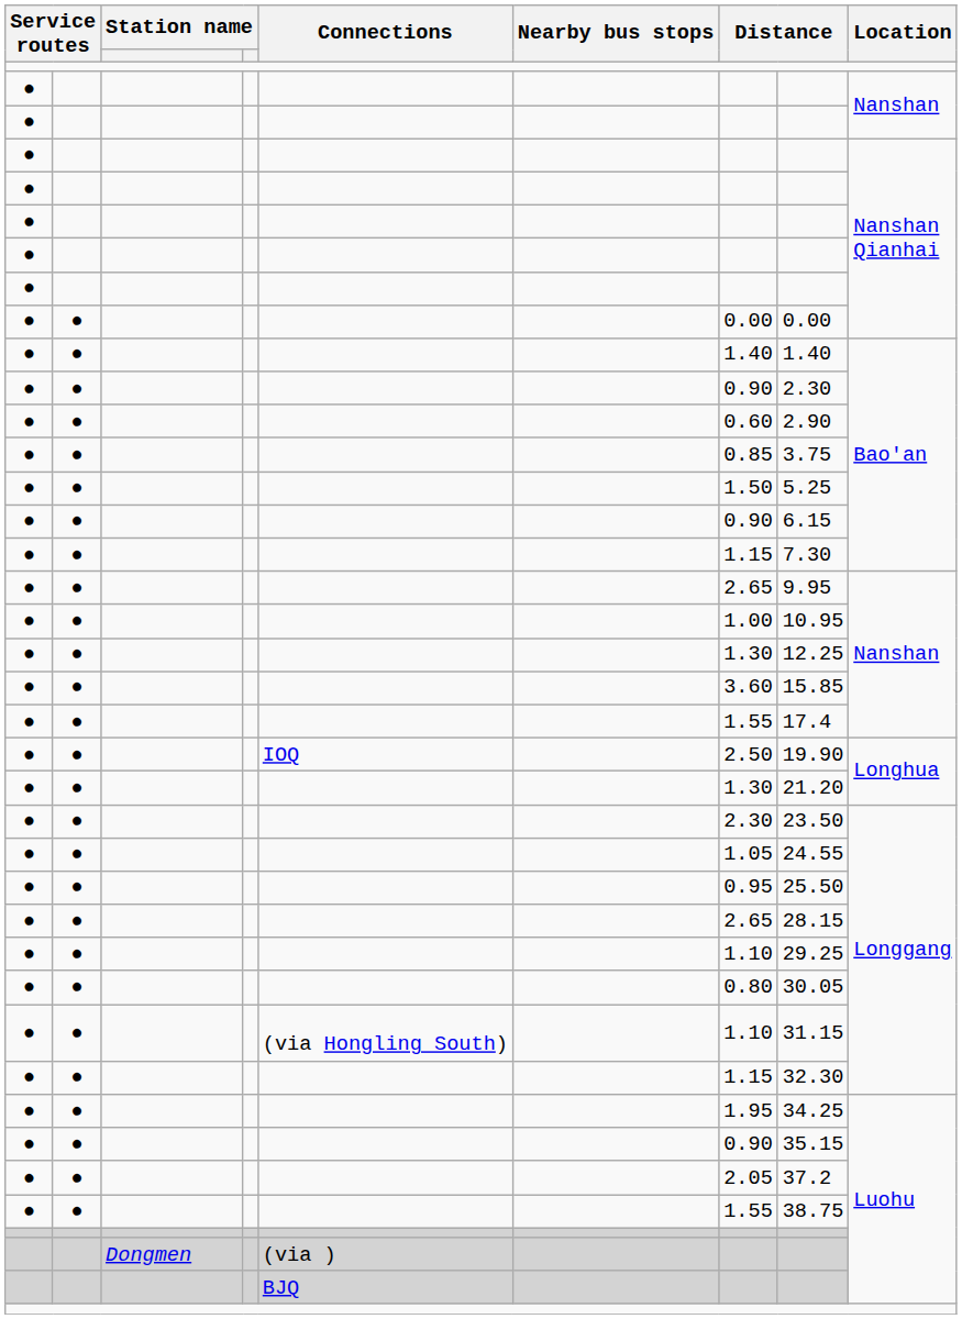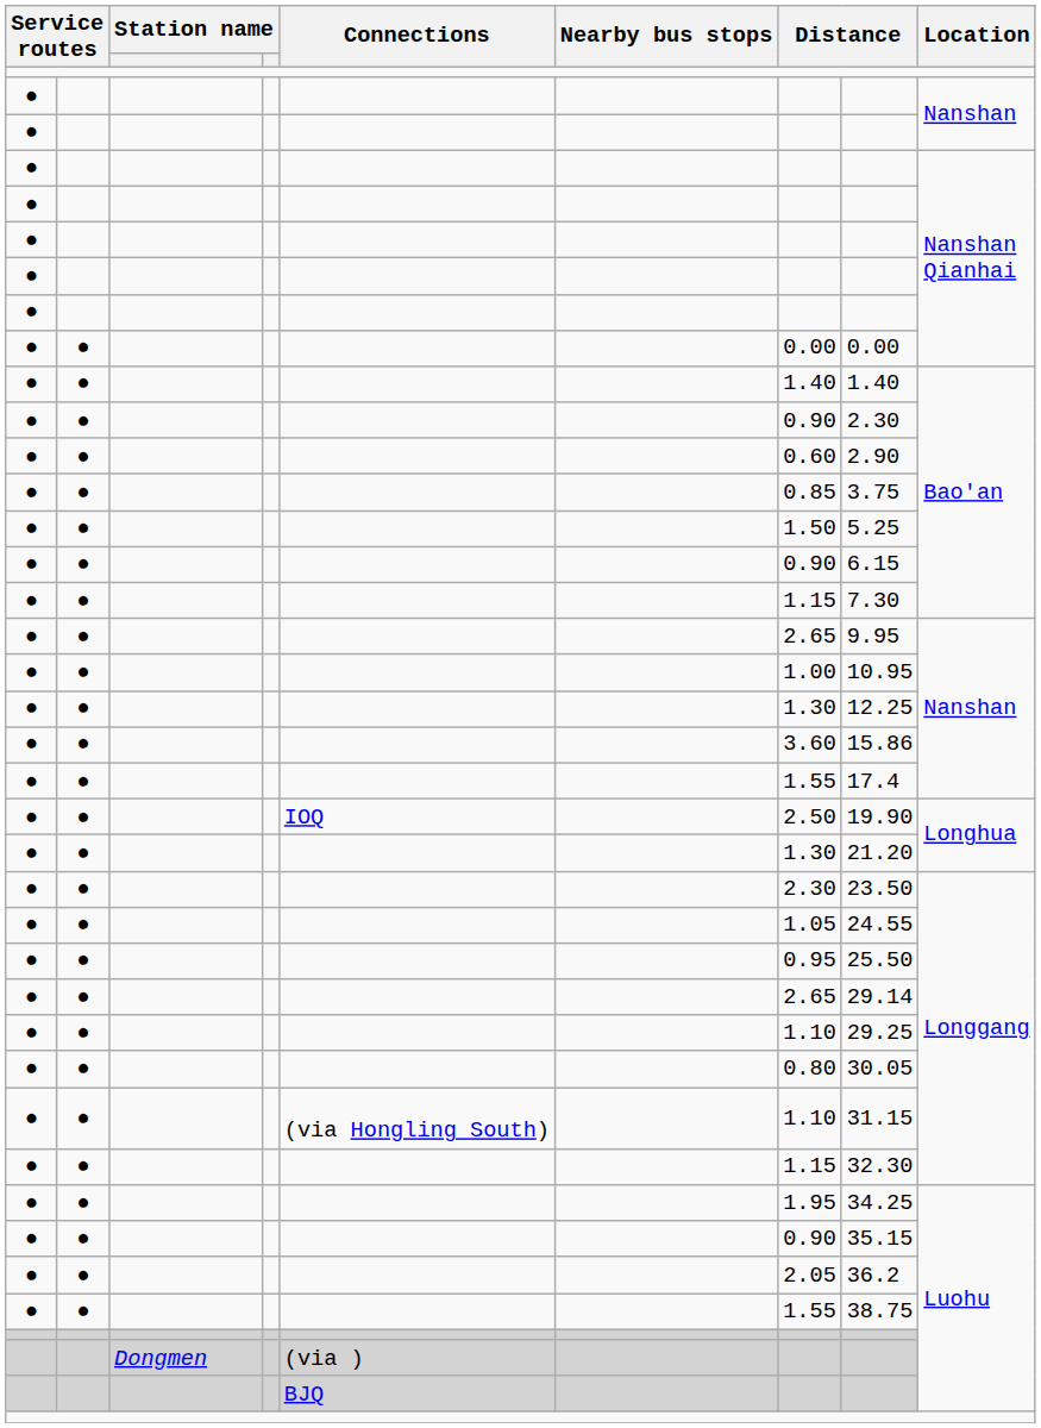 <table class="wikitable">
 <tr>
 <th rowspan="2" colspan="2">Service<br>routes</th>
 <th colspan="2">Station name</th>
 <th rowspan="2">Connections</th>
 <th rowspan="2">Nearby bus stops</th>
 <th colspan="2" rowspan="2">Distance<br></th>
 <th rowspan="2">Location</th>
 </tr>
 <tr>
 <th></th>
 <th></th>
 </tr>
 <tr style="background:#">
 <td colspan = "9"></td>
 </tr>
 <tr>
 <td align="center">●</td>
 <td align="center"></td>
 <td></td>
 <td></td>
 <td> </td>
 <td></td>
 <td></td>
 <td></td>
 <td rowspan=2><a href='#'>Nanshan</a></td>
 </tr>
 <tr>
 <td align="center">●</td>
 <td align="center"></td>
 <td></td>
 <td></td>
 <td></td>
 <td></td>
 <td></td>
 <td></td>
 </tr>
 <tr>
 <td align="center">●</td>
 <td align="center"></td>
 <td></td>
 <td></td>
 <td></td>
 <td></td>
 <td></td>
 <td></td>
 <td rowspan=6><a href='#'>Nanshan</a><br><a href='#'>Qianhai</a></td>
 </tr>
 <tr>
 <td align="center">●</td>
 <td align="center"></td>
 <td></td>
 <td></td>
 <td></td>
 <td></td>
 <td></td>
 <td></td>
 </tr>
 <tr>
 <td align="center">●</td>
 <td align="center"></td>
 <td></td>
 <td></td>
 <td></td>
 <td></td>
 <td></td>
 <td></td>
 </tr>
 <tr>
 <td align="center">●</td>
 <td align="center"></td>
 <td></td>
 <td></td>
 <td></td>
 <td></td>
 <td></td>
 <td></td>
 </tr>
 <tr>
 <td align="center">●</td>
 <td align="center"></td>
 <td></td>
 <td></td>
 <td></td>
 <td></td>
 <td></td>
 <td></td>
 </tr>
 <tr>
 <td align="center">●</td>
 <td align="center">●</td>
 <td></td>
 <td></td>
 <td> </td>
 <td></td>
 <td>0.00</td>
 <td>0.00</td>
 </tr>
 <tr>
 <td align="center">●</td>
 <td align="center">●</td>
 <td></td>
 <td></td>
 <td></td>
 <td></td>
 <td>1.40</td>
 <td>1.40</td>
 <td rowspan=7><a href='#'>Bao'an</a></td>
 </tr>
 <tr>
 <td align="center">●</td>
 <td align="center">●</td>
 <td></td>
 <td></td>
 <td></td>
 <td></td>
 <td>0.90</td>
 <td>2.30</td>
 </tr>
 <tr>
 <td align="center">●</td>
 <td align="center">●</td>
 <td></td>
 <td></td>
 <td></td>
 <td></td>
 <td>0.60</td>
 <td>2.90</td>
 </tr>
 <tr>
 <td align="center">●</td>
 <td align="center">●</td>
 <td></td>
 <td></td>
 <td></td>
 <td></td>
 <td>0.85</td>
 <td>3.75</td>
 </tr>
 <tr>
 <td align="center">●</td>
 <td align="center">●</td>
 <td></td>
 <td></td>
 <td></td>
 <td></td>
 <td>1.50</td>
 <td>5.25</td>
 </tr>
 <tr>
 <td align="center">●</td>
 <td align="center">●</td>
 <td></td>
 <td></td>
 <td></td>
 <td></td>
 <td>0.90</td>
 <td>6.15</td>
 </tr>
 <tr>
 <td align="center">●</td>
 <td align="center">●</td>
 <td></td>
 <td></td>
 <td></td>
 <td></td>
 <td>1.15</td>
 <td>7.30</td>
 </tr>
 <tr>
 <td align="center">●</td>
 <td align="center">●</td>
 <td></td>
 <td></td>
 <td></td>
 <td></td>
 <td>2.65</td>
 <td>9.95</td>
 <td rowspan=5><a href='#'>Nanshan</a></td>
 </tr>
 <tr>
 <td align="center">●</td>
 <td align="center">●</td>
 <td></td>
 <td></td>
 <td> </td>
 <td></td>
 <td>1.00</td>
 <td>10.95</td>
 </tr>
 <tr>
 <td align="center">●</td>
 <td align="center">●</td>
 <td></td>
 <td></td>
 <td></td>
 <td></td>
 <td>1.30</td>
 <td>12.25</td>
 </tr>
 <tr>
 <td align="center">●</td>
 <td align="center">●</td>
 <td></td>
 <td></td>
 <td></td>
 <td></td>
 <td>3.60</td>
-<td>15.85</td>
+<td>15.86</td>
 </tr>
 <tr>
 <td align="center">●</td>
 <td align="center">●</td>
 <td></td>
 <td></td>
 <td></td>
 <td></td>
 <td>1.55</td>
 <td>17.4</td>
 </tr>
 <tr>
 <td align="center">●</td>
 <td align="center">●</td>
 <td></td>
 <td></td>
 <td>     <a href='#'>IOQ</a></td>
 <td></td>
 <td>2.50</td>
 <td>19.90</td>
 <td rowspan=2><a href='#'>Longhua</a></td>
 </tr>
 <tr>
 <td align="center">●</td>
 <td align="center">●</td>
 <td></td>
 <td></td>
 <td></td>
 <td></td>
 <td>1.30</td>
 <td>21.20</td>
 </tr>
 <tr>
 <td align="center">●</td>
 <td align="center">●</td>
 <td></td>
 <td></td>
 <td></td>
 <td></td>
 <td>2.30</td>
 <td>23.50</td>
 <td rowspan=8><a href='#'>Longgang</a></td>
 </tr>
 <tr>
 <td align="center">●</td>
 <td align="center">●</td>
 <td></td>
 <td></td>
 <td></td>
 <td></td>
 <td>1.05</td>
 <td>24.55</td>
 </tr>
 <tr>
 <td align="center">●</td>
 <td align="center">●</td>
 <td></td>
 <td></td>
 <td></td>
 <td></td>
 <td>0.95</td>
 <td>25.50</td>
 </tr>
 <tr>
 <td align="center">●</td>
 <td align="center">●</td>
 <td></td>
 <td></td>
 <td></td>
 <td></td>
 <td>2.65</td>
-<td>28.15</td>
+<td>29.14</td>
 </tr>
 <tr>
 <td align="center">●</td>
 <td align="center">●</td>
 <td></td>
 <td></td>
 <td></td>
 <td></td>
 <td>1.10</td>
 <td>29.25</td>
 </tr>
 <tr>
 <td align="center">●</td>
 <td align="center">●</td>
 <td></td>
 <td></td>
 <td></td>
 <td></td>
 <td>0.80</td>
 <td>30.05</td>
 </tr>
 <tr>
 <td align="center">●</td>
 <td align="center">●</td>
 <td></td>
 <td></td>
 <td>   <br>  (via <a href='#'>Hongling South</a>)</td>
 <td></td>
 <td>1.10</td>
 <td>31.15</td>
 </tr>
 <tr>
 <td align="center">●</td>
 <td align="center">●</td>
 <td></td>
 <td></td>
 <td></td>
 <td></td>
 <td>1.15</td>
 <td>32.30</td>
 </tr>
 <tr>
 <td align="center">●</td>
 <td align="center">●</td>
 <td></td>
 <td></td>
 <td></td>
 <td></td>
 <td>1.95</td>
 <td>34.25</td>
 <td rowspan=7><a href='#'>Luohu</a></td>
 </tr>
 <tr>
 <td align="center">●</td>
 <td align="center">●</td>
 <td></td>
 <td></td>
 <td></td>
 <td></td>
 <td>0.90</td>
 <td>35.15</td>
 </tr>
 <tr>
 <td align="center">●</td>
 <td align="center">●</td>
 <td></td>
 <td></td>
 <td></td>
 <td></td>
 <td>2.05</td>
-<td>37.2</td>
+<td>36.2</td>
 </tr>
 <tr>
 <td align="center">●</td>
 <td align="center">●</td>
 <td></td>
 <td></td>
 <td> </td>
 <td></td>
 <td>1.55</td>
 <td>38.75</td>
 </tr>
 <tr bgcolor="lightgrey">
 <td align="center"></td>
 <td align="center"></td>
 <td></td>
 <td></td>
 <td> </td>
 <td></td>
 <td></td>
 <td></td>
 </tr>
 <tr bgcolor="lightgrey">
 <td align="center"></td>
 <td align="center"></td>
 <td><em><a href='#'>Dongmen</a></em></td>
 <td></td>
 <td>   (via )</td>
 <td></td>
 <td></td>
 <td></td>
 </tr>
 <tr bgcolor="lightgrey">
 <td align="center"></td>
 <td align="center"></td>
 <td><em></em></td>
 <td></td>
 <td>   <a href='#'>BJQ</a> </td>
 <td></td>
 <td></td>
 <td></td>
 </tr>
 <tr style="background:#">
 <td colspan = "9"></td>
 </tr>
 </table>
